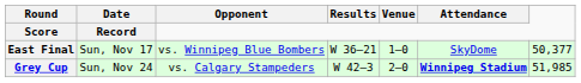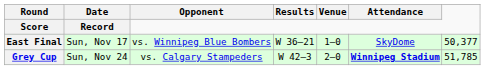 <table class="wikitable" style="text-align:center">
 <tr>
 <th>Round</th>
 <th>Date</th>
 <th>Opponent</th>
 <th>Results</th>
 <th>Venue</th>
 <th>Attendance</th>
 </tr>
 <tr>
 <th>Score</th>
 <th>Record</th>
 </tr>
 <tr style="background:#ddffdd">
 <th>East Final</th>
 <td>Sun, Nov 17</td>
 <td>vs. <a href='#'>Winnipeg Blue Bombers</a></td>
 <td>W 36–21</td>
 <td>1–0</td>
 <td><a href='#'>SkyDome</a></td>
 <td>50,377</td>
 </tr>
 <tr style="background:#ddffdd">
 <th><a href='#'>Grey Cup</a></th>
 <td>Sun, Nov 24</td>
 <td>vs. <a href='#'>Calgary Stampeders</a></td>
 <td>W 42–3</td>
 <td>2–0</td>
 <td><strong><a href='#'>Winnipeg Stadium</a></strong></td>
-<td>51,985</td>
+<td>51,785</td>
 </tr>
 </table>
